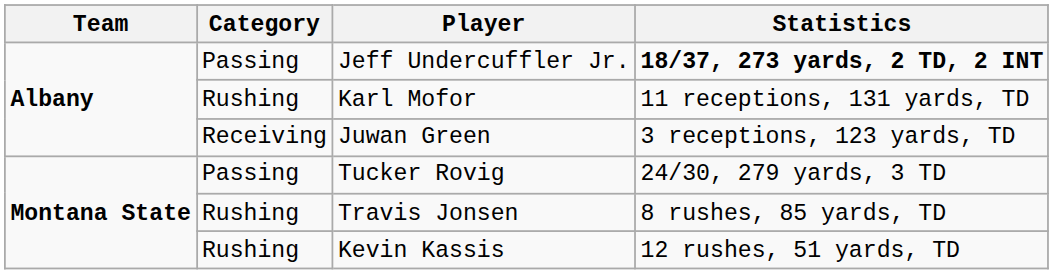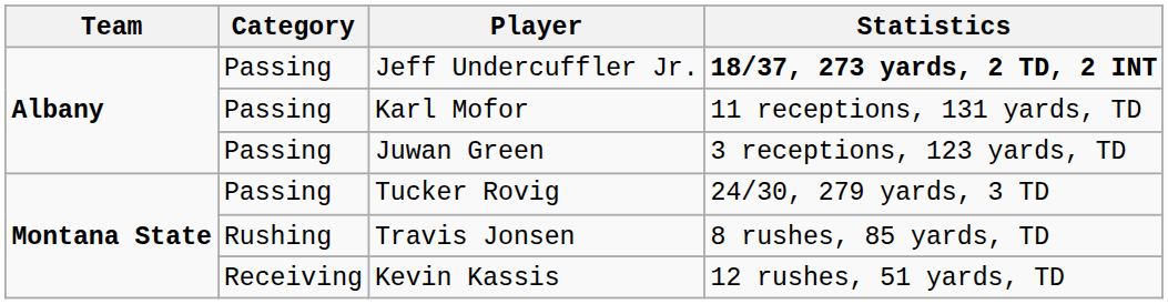 <table class="wikitable" style="float: left;">
 <tr>
 <th>Team</th>
 <th>Category</th>
 <th>Player</th>
 <th>Statistics</th>
 </tr>
 <tr>
 <td rowspan=3><strong>Albany</strong></td>
 <td>Passing</td>
 <td>Jeff Undercuffler Jr.</td>
 <td><strong>18/37, 273 yards, 2 TD, 2 INT</strong></td>
 </tr>
 <tr>
-<td>Rushing</td>
+<td>Passing</td>
 <td>Karl Mofor</td>
 <td>11 receptions, 131 yards, TD</td>
 </tr>
 <tr>
-<td>Receiving</td>
+<td>Passing</td>
 <td>Juwan Green</td>
 <td>3 receptions, 123 yards, TD</td>
 </tr>
 <tr>
 <td rowspan=3><strong>Montana State</strong></td>
 <td>Passing</td>
 <td>Tucker Rovig</td>
 <td>24/30, 279 yards, 3 TD</td>
 </tr>
 <tr>
 <td>Rushing</td>
 <td>Travis Jonsen</td>
 <td>8 rushes, 85 yards, TD</td>
 </tr>
 <tr>
-<td>Rushing</td>
+<td>Receiving</td>
 <td>Kevin Kassis</td>
 <td>12 rushes, 51 yards, TD</td>
 </tr>
 </table>
